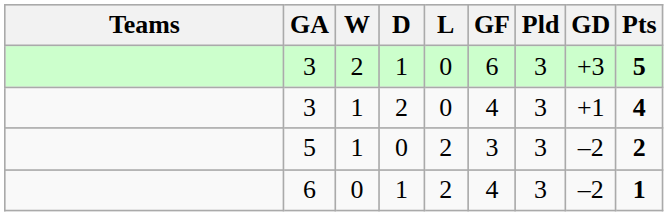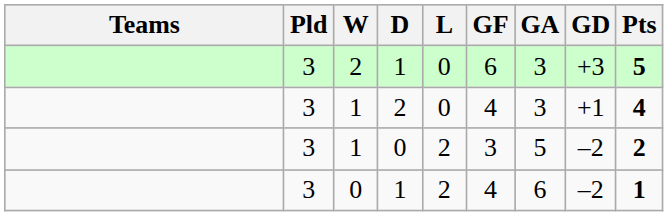 <table class="wikitable" style="text-align: center;">
 <tr>
 <th width=165>Teams</th>
-<th width=20>GA</th>
+<th width=20>Pld</th>
 <th width=20>W</th>
 <th width=20>D</th>
 <th width=20>L</th>
 <th width=20>GF</th>
-<th width=20>Pld</th>
+<th width=20>GA</th>
 <th width=20>GD</th>
 <th width=20>Pts</th>
 </tr>
 <tr align=center style="background:#ccffcc;">
 <td style="text-align:left;"></td>
 <td>3</td>
 <td>2</td>
 <td>1</td>
 <td>0</td>
 <td>6</td>
 <td>3</td>
 <td>+3</td>
 <td><strong>5</strong></td>
 </tr>
 <tr align=center>
 <td style="text-align:left;"></td>
 <td>3</td>
 <td>1</td>
 <td>2</td>
 <td>0</td>
 <td>4</td>
 <td>3</td>
 <td>+1</td>
 <td><strong>4</strong></td>
 </tr>
 <tr align=center>
 <td style="text-align:left;"></td>
-<td>5</td>
+<td>3</td>
 <td>1</td>
 <td>0</td>
 <td>2</td>
 <td>3</td>
-<td>3</td>
+<td>5</td>
 <td>–2</td>
 <td><strong>2</strong></td>
 </tr>
 <tr align=center>
 <td style="text-align:left;"></td>
-<td>6</td>
+<td>3</td>
 <td>0</td>
 <td>1</td>
 <td>2</td>
 <td>4</td>
-<td>3</td>
+<td>6</td>
 <td>–2</td>
 <td><strong>1</strong></td>
 </tr>
 </table>
